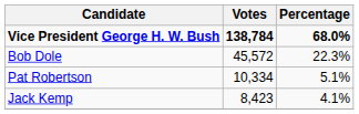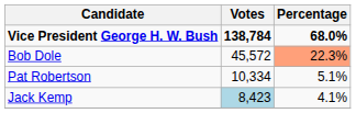 <table class="wikitable" style="text-align:right;">
 <tr>
 <th>Candidate</th>
 <th>Votes</th>
 <th>Percentage</th>
 </tr>
 <tr>
 <td style="text-align:left;"><strong>Vice President <a href='#'>George H. W. Bush</a></strong></td>
 <td><strong>138,784</strong></td>
 <td><strong>68.0%</strong></td>
 </tr>
 <tr>
 <td style="text-align:left;"><a href='#'>Bob Dole</a></td>
 <td>45,572</td>
-<td>22.3%</td>
+<td style="background: lightsalmon;">22.3%</td>
 </tr>
 <tr>
 <td style="text-align:left;"><a href='#'>Pat Robertson</a></td>
 <td>10,334</td>
 <td>5.1%</td>
 </tr>
 <tr>
 <td style="text-align:left;"><a href='#'>Jack Kemp</a></td>
-<td>8,423</td>
+<td style="background: lightblue;">8,423</td>
 <td>4.1%</td>
 </tr>
 <tr>
 </tr>
 </table>
